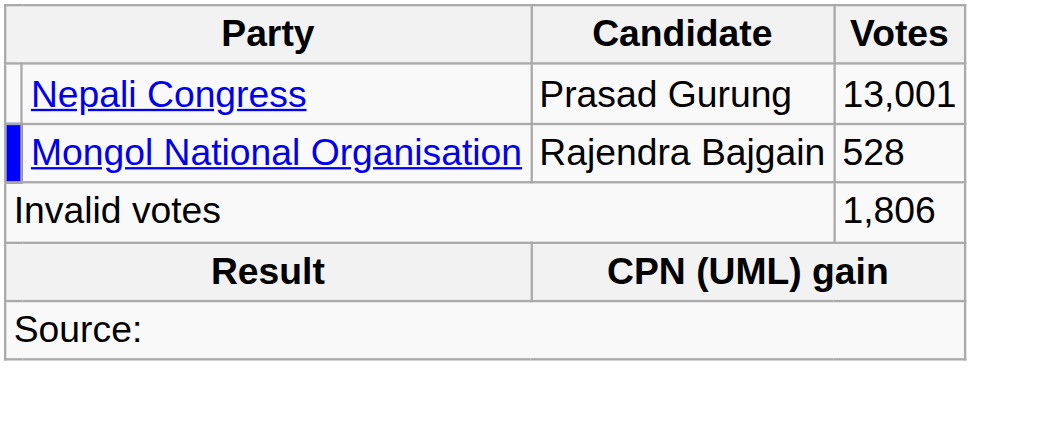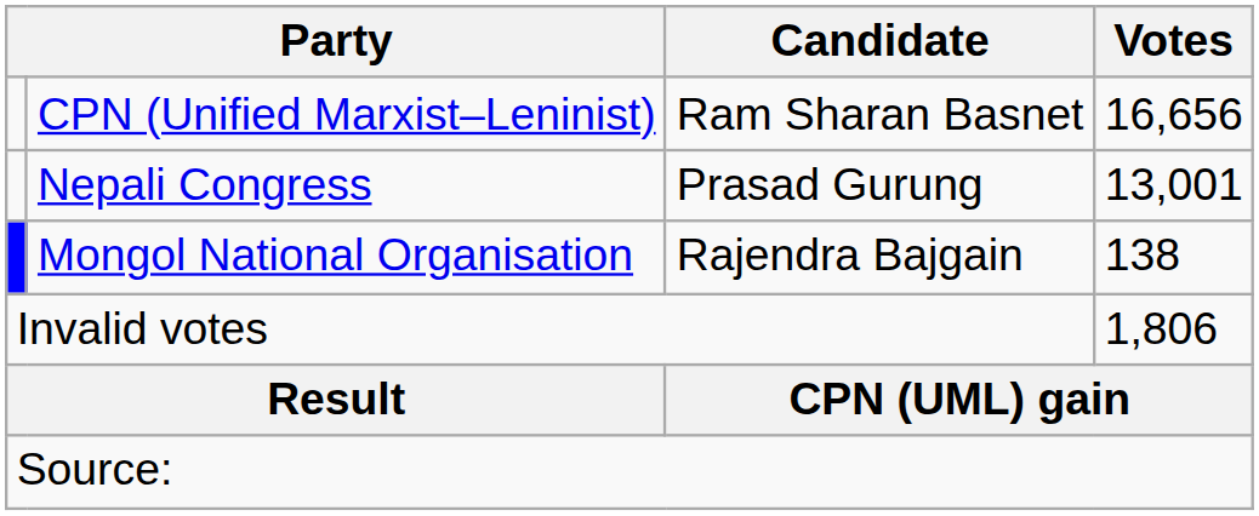 <table class="wikitable">
 <tr>
 <th colspan="2">Party</th>
 <th>Candidate</th>
 <th>Votes</th>
+</tr>
+<tr>
+<td style="background-color:"></td>
+<td><a href='#'>CPN (Unified Marxist–Leninist)</a></td>
+<td>Ram Sharan Basnet</td>
+<td>16,656</td>
 </tr>
 <tr>
 <td style="background-color:"></td>
 <td><a href='#'>Nepali Congress</a></td>
 <td>Prasad Gurung</td>
 <td>13,001</td>
 </tr>
 <tr>
 <td style="background-color:blue"></td>
 <td><a href='#'>Mongol National Organisation</a></td>
 <td>Rajendra Bajgain</td>
-<td>528</td>
+<td>138</td>
 </tr>
 <tr>
 <td colspan="3">Invalid votes</td>
 <td>1,806</td>
 </tr>
 <tr>
 <th colspan="2">Result</th>
 <th colspan="2">CPN (UML) gain</th>
 </tr>
 <tr>
 <td colspan="4">Source: </td>
 </tr>
 </table>
